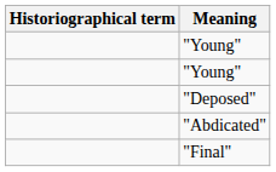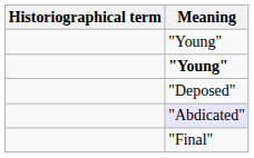 <table class="wikitable">
 <tr>
 <th>Historiographical term</th>
 <th>Meaning</th>
 </tr>
 <tr>
 <td><br></td>
 <td>"Young"</td>
 </tr>
 <tr>
 <td><br></td>
-<td>"Young"</td>
+<td><strong>"Young"</strong></td>
 </tr>
 <tr>
 <td><br></td>
 <td>"Deposed"</td>
 </tr>
 <tr>
 <td><br></td>
-<td>"Abdicated"</td>
+<td style="background: lavender;">"Abdicated"</td>
 </tr>
 <tr>
 <td><br></td>
 <td>"Final"</td>
 </tr>
 </table>
